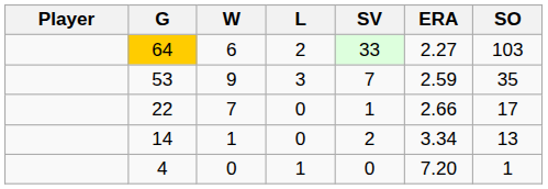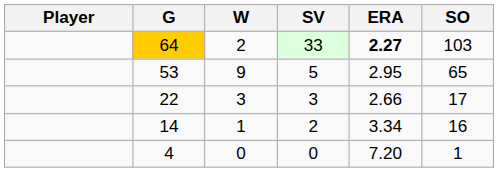 <table class="wikitable sortable">
 <tr>
 <th bgcolor="#DDDDFF" width="16%">Player</th>
 <th bgcolor="#DDDDFF" width="9%">G</th>
 <th bgcolor="#DDDDFF" width="9%">W</th>
-<th bgcolor="#DDDDFF" width="9%">L</th>
 <th bgcolor="#DDDDFF" width="9%">SV</th>
 <th bgcolor="#DDDDFF" width="9%">ERA</th>
 <th bgcolor="#DDDDFF" width="9%">SO</th>
 </tr>
 <tr align="center">
 <td></td>
 <td style="background:#fc0;">64</td>
-<td>6</td>
 <td>2</td>
 <td style="background:#DDFFDD;">33</td>
-<td>2.27</td>
+<td><strong>2.27</strong></td>
 <td>103</td>
 </tr>
 <tr align="center">
 <td></td>
 <td>53</td>
 <td>9</td>
-<td>3</td>
-<td>7</td>
-<td>2.59</td>
-<td>35</td>
+<td>5</td>
+<td>2.95</td>
+<td>65</td>
 </tr>
 <tr align="center">
 <td></td>
 <td>22</td>
-<td>7</td>
-<td>0</td>
-<td>1</td>
+<td>3</td>
+<td>3</td>
 <td>2.66</td>
 <td>17</td>
 </tr>
 <tr align="center">
 <td></td>
 <td>14</td>
 <td>1</td>
-<td>0</td>
 <td>2</td>
 <td>3.34</td>
-<td>13</td>
+<td>16</td>
 </tr>
 <tr align="center">
 <td></td>
 <td>4</td>
 <td>0</td>
-<td>1</td>
 <td>0</td>
 <td>7.20</td>
 <td>1</td>
 </tr>
 </table>
